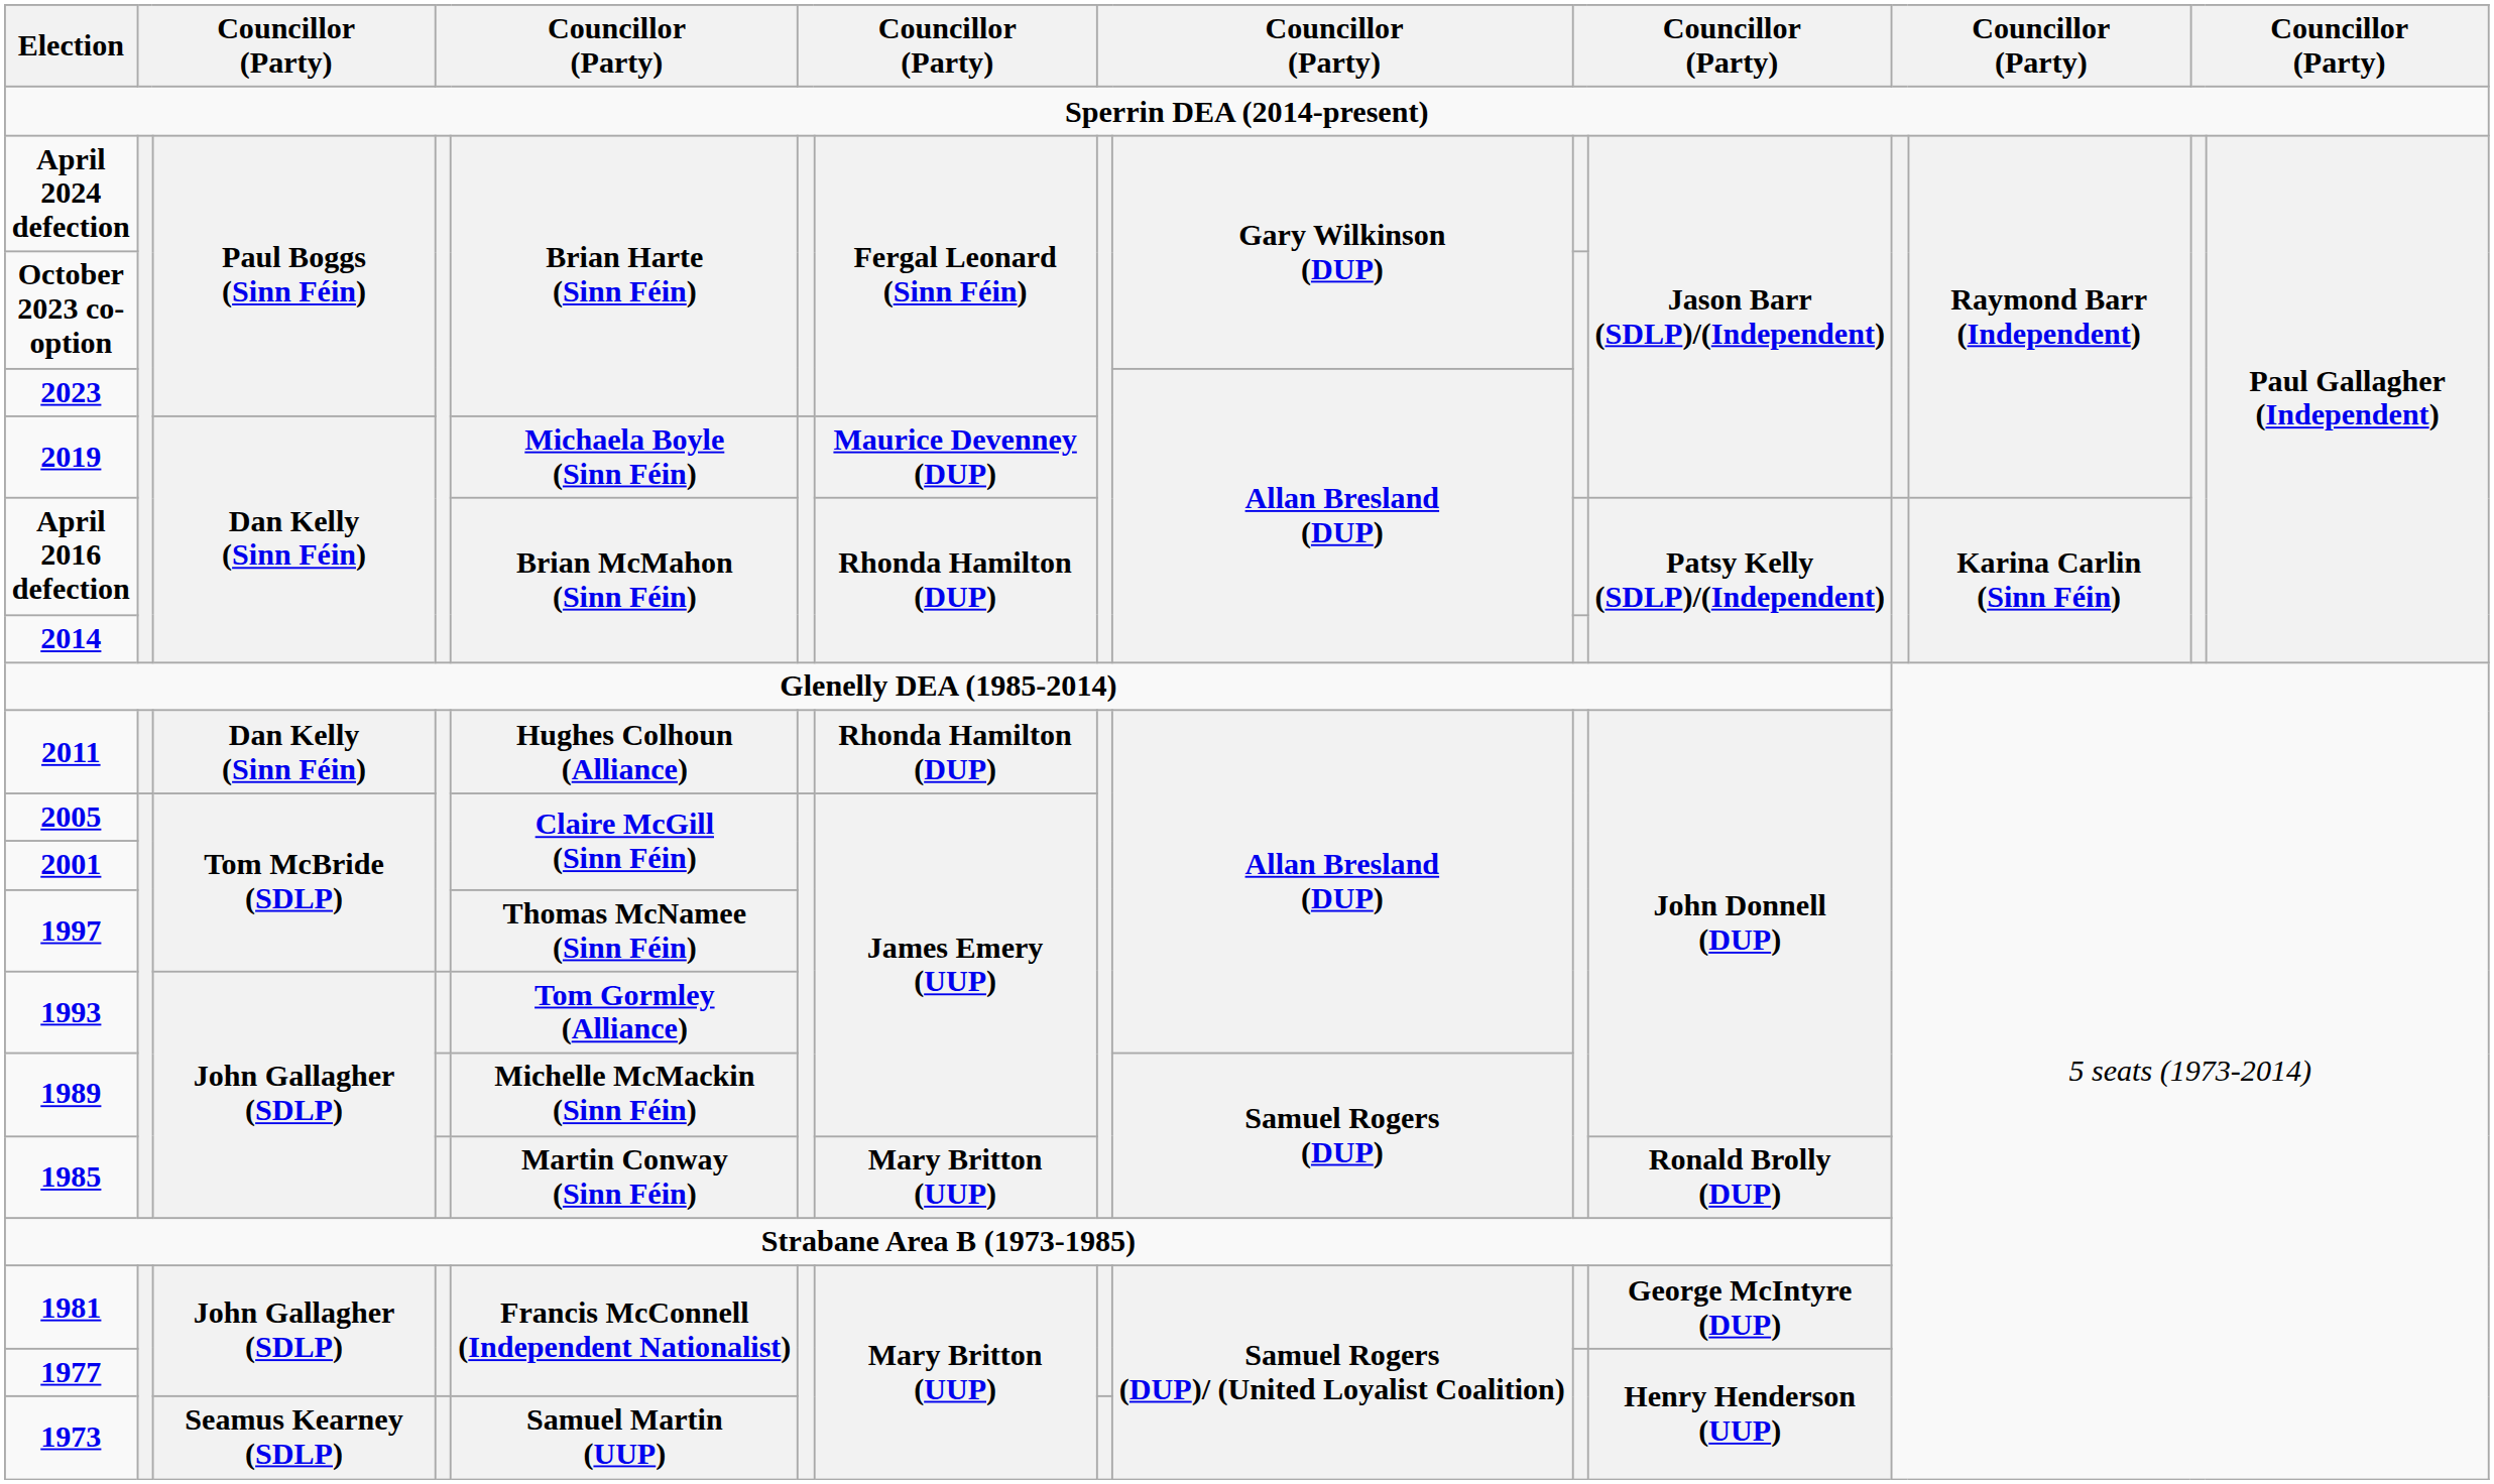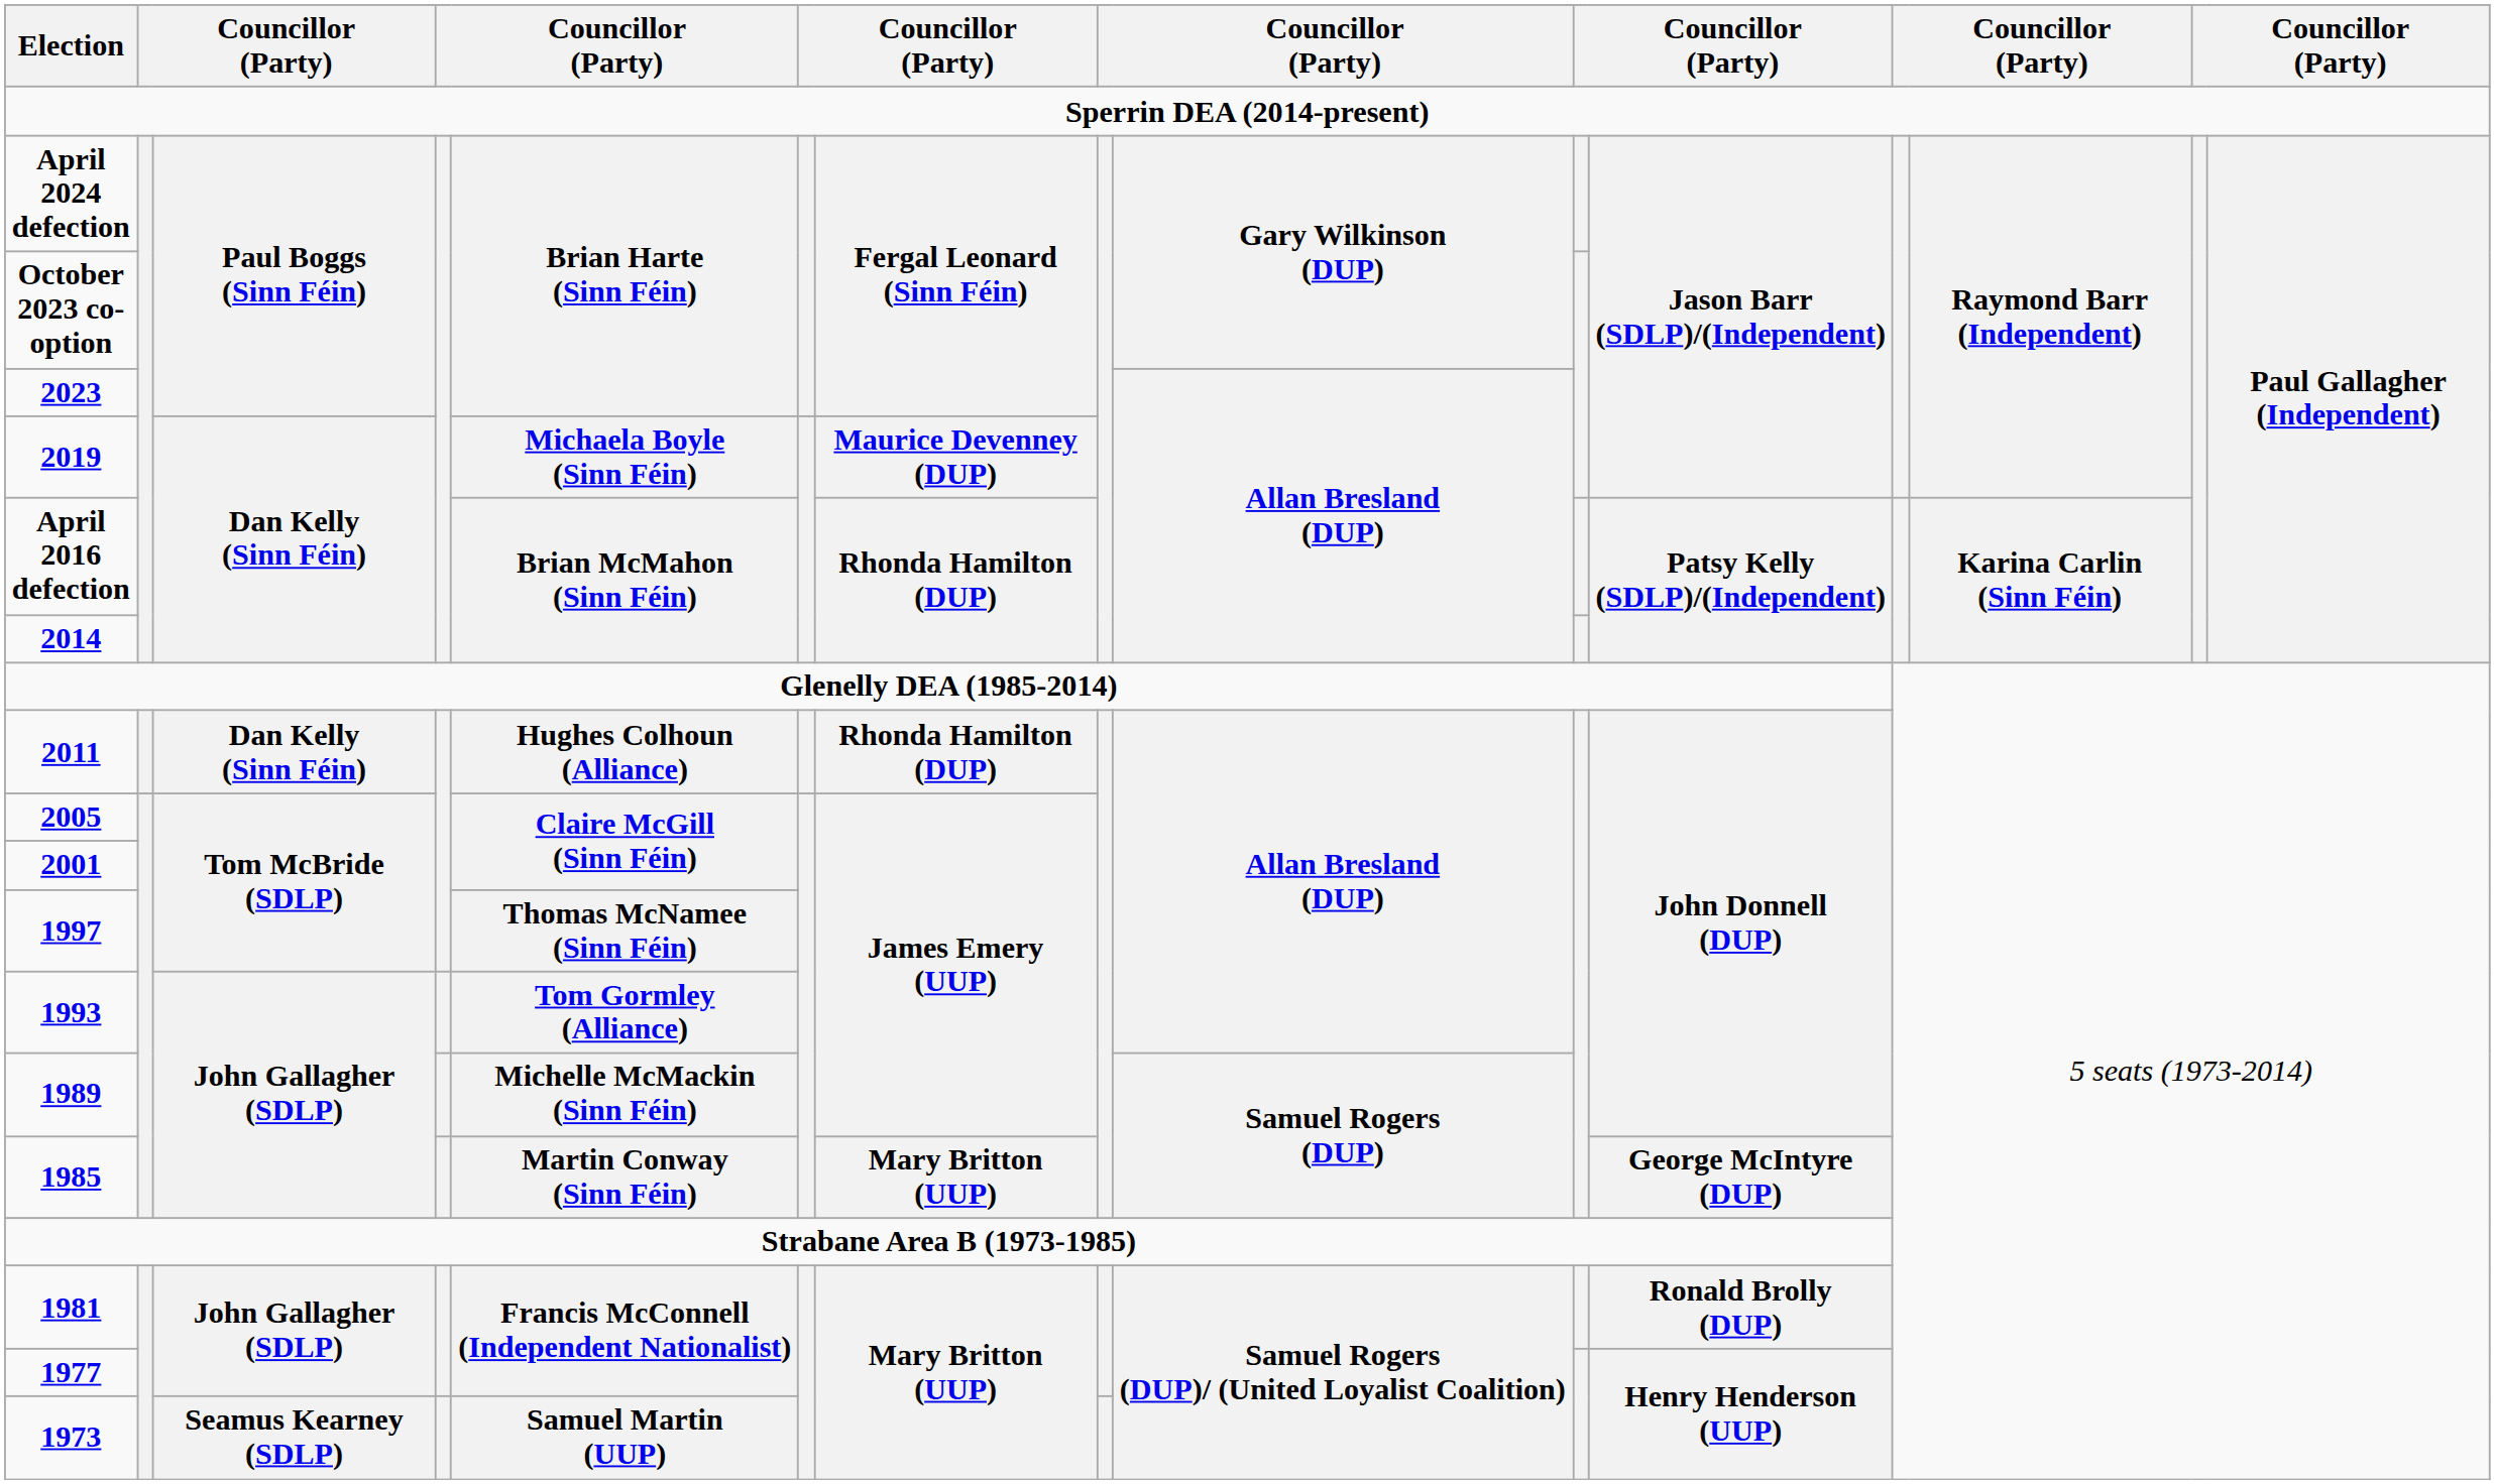 <table class="wikitable" style="text-align:center">
 <tr>
 <th scope="col" width="50">Election</th>
 <th colspan="2" scope="col" width="150">Councillor<br>(Party)</th>
 <th colspan="2" scope="col" width="150">Councillor<br>(Party)</th>
 <th colspan="2" scope="col" width="150">Councillor<br>(Party)</th>
 <th colspan="2" scope="col" width="150">Councillor<br>(Party)</th>
 <th colspan="2" scope="col" width="150">Councillor<br>(Party)</th>
 <th colspan="2" scope="col" width="150">Councillor<br>(Party)</th>
 <th colspan="2" scope="col" width="150">Councillor<br>(Party)</th>
 </tr>
 <tr>
 <td colspan="15"><strong>Sperrin DEA (2014-present)</strong></td>
 </tr>
 <tr>
 <td><strong>April 2024 defection</strong></td>
 <th rowspan="6" width="1" style="background-color: "></th>
 <th rowspan="3">Paul Boggs<br>(<a href='#'>Sinn Féin</a>)</th>
 <th rowspan="6" width="1" style="background-color: "></th>
 <th rowspan="3">Brian Harte<br>(<a href='#'>Sinn Féin</a>)</th>
 <th rowspan="3" width="1" style="background-color: "></th>
 <th rowspan="3">Fergal Leonard<br>(<a href='#'>Sinn Féin</a>)</th>
 <th rowspan="6" width="1" style="background-color: "></th>
 <th rowspan="2">Gary Wilkinson<br>(<a href='#'>DUP</a>)</th>
 <th rowspan="1" width="1" style="background-color: "></th>
 <th rowspan="4">Jason Barr<br>(<a href='#'>SDLP</a>)/(<a href='#'>Independent</a>)</th>
 <th rowspan="4" width="1" style="background-color: "></th>
 <th rowspan="4">Raymond Barr<br>(<a href='#'>Independent</a>)</th>
 <th rowspan="6" width="1" style="background-color: "></th>
 <th rowspan="6">Paul Gallagher<br>(<a href='#'>Independent</a>)</th>
 </tr>
 <tr>
 <td><strong>October 2023 co-option</strong></td>
 <th rowspan="3" width="1" style="background-color: "></th>
 </tr>
 <tr>
 <td><strong><a href='#'>2023</a></strong></td>
 <th rowspan="4"><a href='#'>Allan Bresland</a><br>(<a href='#'>DUP</a>)</th>
 </tr>
 <tr>
 <td><strong><a href='#'>2019</a></strong></td>
 <th rowspan="3">Dan Kelly<br>(<a href='#'>Sinn Féin</a>)</th>
 <th rowspan="1"><a href='#'>Michaela Boyle</a><br>(<a href='#'>Sinn Féin</a>)</th>
 <th rowspan="3" width="1" style="background-color: "></th>
 <th rowspan="1"><a href='#'>Maurice Devenney</a><br>(<a href='#'>DUP</a>)</th>
 </tr>
 <tr>
 <td><strong>April 2016 defection</strong></td>
 <th rowspan="2">Brian McMahon<br>(<a href='#'>Sinn Féin</a>)</th>
 <th rowspan="2">Rhonda Hamilton<br>(<a href='#'>DUP</a>)</th>
 <th rowspan="1" width="1" style="background-color: "></th>
 <th rowspan="2">Patsy Kelly<br>(<a href='#'>SDLP</a>)/(<a href='#'>Independent</a>)</th>
 <th rowspan="2" width="1" style="background-color: "></th>
 <th rowspan="2">Karina Carlin<br>(<a href='#'>Sinn Féin</a>)</th>
 </tr>
 <tr>
 <td><strong><a href='#'>2014</a></strong></td>
 <th rowspan="1" width="1" style="background-color: "></th>
 </tr>
 <tr>
 <td colspan="11"><strong>Glenelly DEA (1985-2014)</strong></td>
 <td colspan="4" rowspan="12"><em>5 seats (1973-2014)</em></td>
 </tr>
 <tr>
 <td><strong><a href='#'>2011</a></strong></td>
 <th rowspan="1" width="1" style="background-color: "></th>
 <th rowspan="1">Dan Kelly<br>(<a href='#'>Sinn Féin</a>)</th>
 <th rowspan="4" width="1" style="background-color: "></th>
 <th rowspan="1">Hughes Colhoun<br>(<a href='#'>Alliance</a>)</th>
 <th rowspan="1" width="1" style="background-color: "></th>
 <th rowspan="1">Rhonda Hamilton<br>(<a href='#'>DUP</a>)</th>
 <th rowspan="7" width="1" style="background-color: "></th>
 <th rowspan="5"><a href='#'>Allan Bresland</a><br>(<a href='#'>DUP</a>)</th>
 <th rowspan="7" width="1" style="background-color: "></th>
 <th rowspan="6">John Donnell<br>(<a href='#'>DUP</a>)</th>
 </tr>
 <tr>
 <td><strong><a href='#'>2005</a></strong></td>
 <th rowspan="6" width="1" style="background-color: "></th>
 <th rowspan="3">Tom McBride<br>(<a href='#'>SDLP</a>)</th>
 <th rowspan="2"><a href='#'>Claire McGill</a><br>(<a href='#'>Sinn Féin</a>)</th>
 <th rowspan="6" width="1" style="background-color: "></th>
 <th rowspan="5">James Emery<br>(<a href='#'>UUP</a>)</th>
 </tr>
 <tr>
 <td><strong><a href='#'>2001</a></strong></td>
 </tr>
 <tr>
 <td><strong><a href='#'>1997</a></strong></td>
 <th rowspan="1">Thomas McNamee<br>(<a href='#'>Sinn Féin</a>)</th>
 </tr>
 <tr>
 <td><strong><a href='#'>1993</a></strong></td>
 <th rowspan="3">John Gallagher<br>(<a href='#'>SDLP</a>)</th>
 <th rowspan="1" width="1" style="background-color: "></th>
 <th rowspan="1"><a href='#'>Tom Gormley</a><br>(<a href='#'>Alliance</a>)</th>
 </tr>
 <tr>
 <td><strong><a href='#'>1989</a></strong></td>
 <th rowspan="1" width="1" style="background-color: "></th>
 <th rowspan="1">Michelle McMackin<br>(<a href='#'>Sinn Féin</a>)</th>
 <th rowspan="2">Samuel Rogers<br>(<a href='#'>DUP</a>)</th>
 </tr>
 <tr>
 <td><strong><a href='#'>1985</a></strong></td>
 <th rowspan="1" width="1" style="background-color: "></th>
 <th rowspan="1">Martin Conway<br>(<a href='#'>Sinn Féin</a>)</th>
 <th rowspan="1">Mary Britton<br>(<a href='#'>UUP</a>)</th>
-<th rowspan="1">Ronald Brolly<br>(<a href='#'>DUP</a>)</th>
+<th rowspan="1">George McIntyre<br>(<a href='#'>DUP</a>)</th>
 </tr>
 <tr>
 <td colspan="11"><strong>Strabane Area B (1973-1985)</strong></td>
 </tr>
 <tr>
 <td><strong><a href='#'>1981</a></strong></td>
 <th rowspan="3" width="1" style="background-color: "></th>
 <th rowspan="2">John Gallagher<br>(<a href='#'>SDLP</a>)</th>
 <th rowspan="2" width="1" style="background-color: "></th>
 <th rowspan="2">Francis McConnell<br>(<a href='#'>Independent Nationalist</a>)</th>
 <th rowspan="3" width="1" style="background-color: "></th>
 <th rowspan="3">Mary Britton<br>(<a href='#'>UUP</a>)</th>
 <th rowspan="2" width="1" style="background-color: "></th>
 <th rowspan="3">Samuel Rogers<br>(<a href='#'>DUP</a>)/ (United Loyalist Coalition)</th>
 <th rowspan="1" width="1" style="background-color: "></th>
-<th rowspan="1">George McIntyre<br>(<a href='#'>DUP</a>)</th>
+<th rowspan="1">Ronald Brolly<br>(<a href='#'>DUP</a>)</th>
 </tr>
 <tr>
 <td><strong><a href='#'>1977</a></strong></td>
 <th rowspan="2" width="1" style="background-color: "></th>
 <th rowspan="2">Henry Henderson<br>(<a href='#'>UUP</a>)</th>
 </tr>
 <tr>
 <td><strong><a href='#'>1973</a></strong></td>
 <th rowspan="1">Seamus Kearney<br>(<a href='#'>SDLP</a>)</th>
 <th rowspan="1" width="1" style="background-color: "></th>
 <th rowspan="1">Samuel Martin<br>(<a href='#'>UUP</a>)</th>
 <th rowspan="1" width="1" style="background-color: "></th>
 </tr>
 </table>
